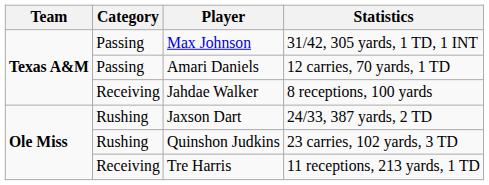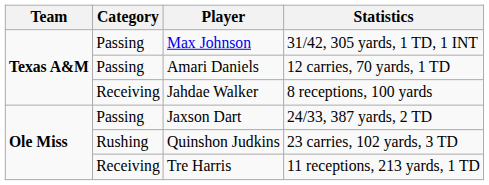 <table class="wikitable" style="float: right;">
 <tr>
 <th>Team</th>
 <th>Category</th>
 <th>Player</th>
 <th>Statistics</th>
 </tr>
 <tr>
 <td rowspan=3><strong>Texas A&M</strong></td>
 <td>Passing</td>
 <td><a href='#'>Max Johnson</a></td>
 <td>31/42, 305 yards, 1 TD, 1 INT</td>
 </tr>
 <tr>
 <td>Passing</td>
 <td>Amari Daniels</td>
 <td>12 carries, 70 yards, 1 TD</td>
 </tr>
 <tr>
 <td>Receiving</td>
 <td>Jahdae Walker</td>
 <td>8 receptions, 100 yards</td>
 </tr>
 <tr>
 <td rowspan=3><strong>Ole Miss</strong></td>
-<td>Rushing</td>
+<td>Passing</td>
 <td>Jaxson Dart</td>
 <td>24/33, 387 yards, 2 TD</td>
 </tr>
 <tr>
 <td>Rushing</td>
 <td>Quinshon Judkins</td>
 <td>23 carries, 102 yards, 3 TD</td>
 </tr>
 <tr>
 <td>Receiving</td>
 <td>Tre Harris</td>
 <td>11 receptions, 213 yards, 1 TD</td>
 </tr>
 </table>
